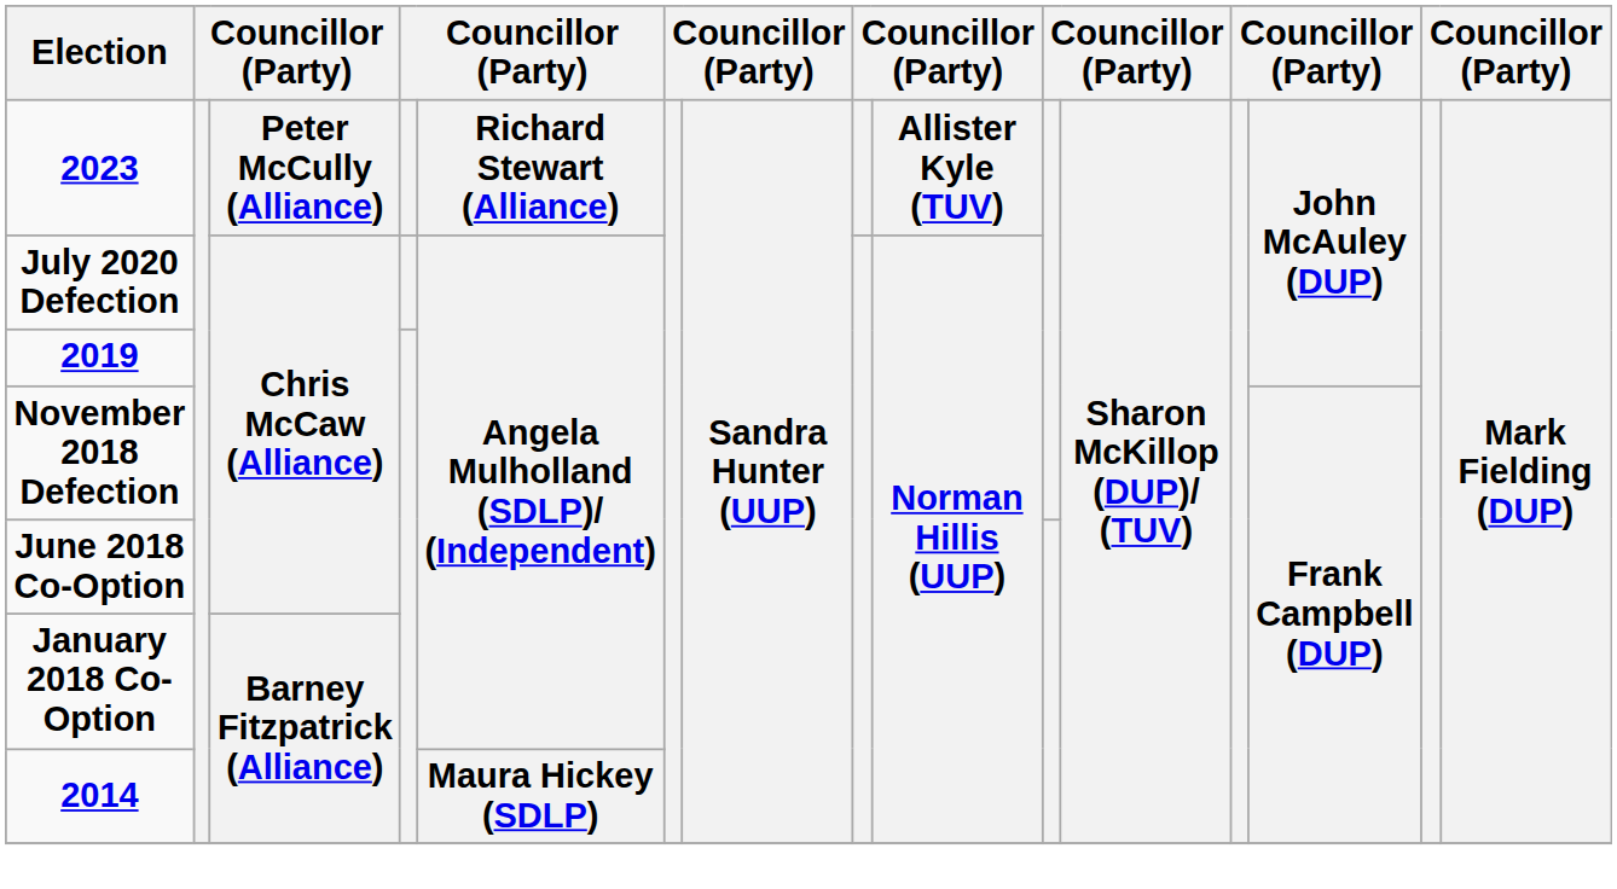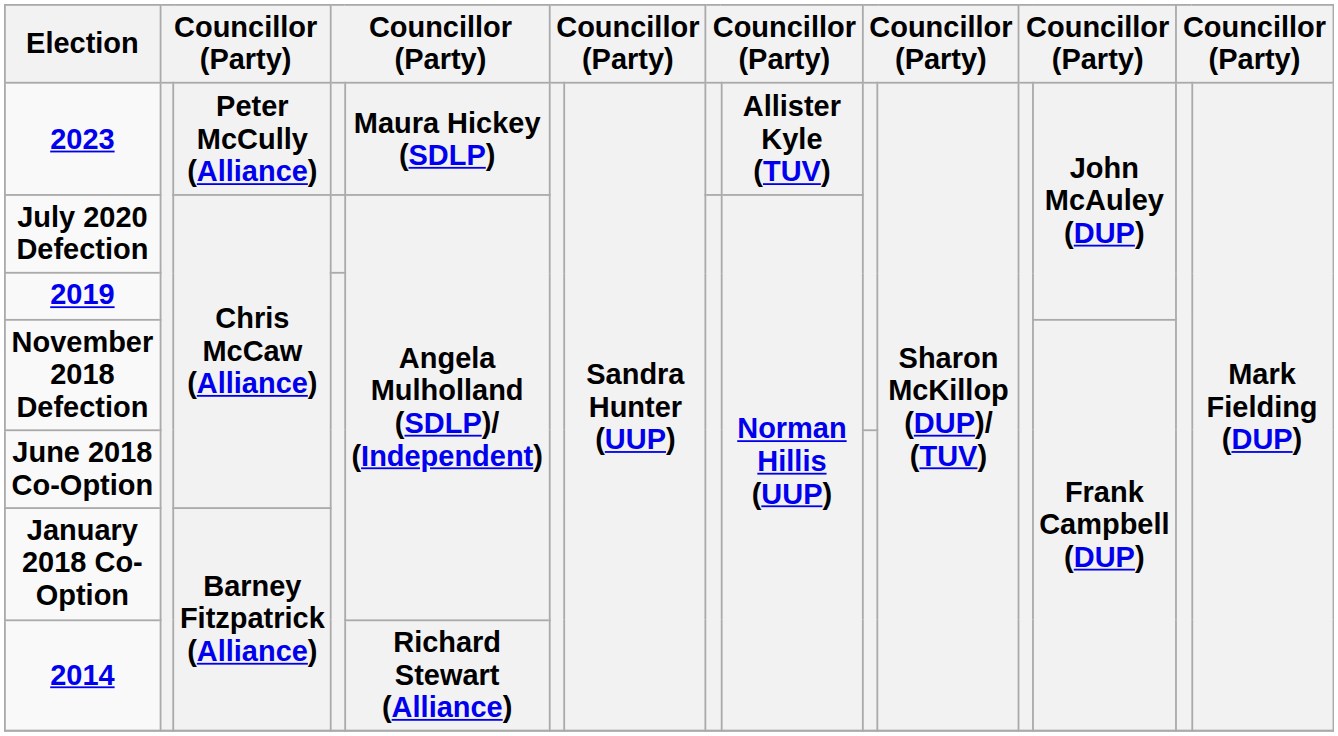 <table class="wikitable" style="text-align:center">
 <tr>
 <th scope="col" width="50">Election</th>
 <th scope="col" width="150" colspan = "2">Councillor<br> (Party)</th>
 <th scope="col" width="150" colspan = "2">Councillor<br> (Party)</th>
 <th scope="col" width="150" colspan = "2">Councillor<br> (Party)</th>
 <th scope="col" width="150" colspan = "2">Councillor<br> (Party)</th>
 <th scope="col" width="150" colspan = "2">Councillor<br> (Party)</th>
 <th scope="col" width="150" colspan = "2">Councillor<br> (Party)</th>
 <th scope="col" width="150" colspan = "2">Councillor<br> (Party)</th>
 </tr>
 <tr>
 <td><strong><a href='#'>2023</a></strong></td>
 <th rowspan="7" width="1" style="background-color: "></th>
 <th rowspan = "1">Peter McCully <br> (<a href='#'>Alliance</a>)</th>
 <th rowspan="1" width="1" style="background-color: "></th>
-<th rowspan = "1">Richard Stewart <br> (<a href='#'>Alliance</a>)</th>
+<th rowspan = "1">Maura Hickey <br> (<a href='#'>SDLP</a>)</th>
 <th rowspan="7" width="1" style="background-color: "></th>
 <th rowspan = "7">Sandra Hunter <br> (<a href='#'>UUP</a>)</th>
 <th rowspan="1" width="1" style="background-color: "></th>
 <th rowspan = "1">Allister Kyle <br> (<a href='#'>TUV</a>)</th>
 <th rowspan="4" width="1" style="background-color: "></th>
 <th rowspan = "7">Sharon McKillop <br> (<a href='#'>DUP</a>)/ <br> (<a href='#'>TUV</a>)</th>
 <th rowspan="7" width="1" style="background-color: "></th>
 <th rowspan = "3">John McAuley <br> (<a href='#'>DUP</a>)</th>
 <th rowspan="7" width="1" style="background-color: "></th>
 <th rowspan = "7">Mark Fielding <br> (<a href='#'>DUP</a>)</th>
 </tr>
 <tr>
 <td><strong>July 2020 Defection</strong></td>
 <th rowspan = "4">Chris McCaw <br> (<a href='#'>Alliance</a>)</th>
 <th rowspan="1" width="1" style="background-color: "></th>
 <th rowspan = "5">Angela Mulholland <br> (<a href='#'>SDLP</a>)/ <br> (<a href='#'>Independent</a>)</th>
 <th rowspan="6" width="1" style="background-color: "></th>
 <th rowspan = "6"><a href='#'>Norman Hillis</a> <br> (<a href='#'>UUP</a>)</th>
 </tr>
 <tr>
 <td><strong><a href='#'>2019</a></strong></td>
 <th rowspan="5" width="1" style="background-color: "></th>
 </tr>
 <tr>
 <td><strong>November 2018 Defection</strong></td>
 <th rowspan = "4">Frank Campbell <br> (<a href='#'>DUP</a>)</th>
 </tr>
 <tr>
 <td><strong>June 2018 Co-Option</strong></td>
 <th rowspan="3" width="1" style="background-color: "></th>
 </tr>
 <tr>
 <td><strong>January 2018 Co-Option</strong></td>
 <th rowspan = "2">Barney Fitzpatrick <br> (<a href='#'>Alliance</a>)</th>
 </tr>
 <tr>
 <td><strong><a href='#'>2014</a></strong></td>
-<th rowspan = "1">Maura Hickey <br> (<a href='#'>SDLP</a>)</th>
+<th rowspan = "1">Richard Stewart <br> (<a href='#'>Alliance</a>)</th>
 </tr>
 <tr>
 </tr>
 </table>
